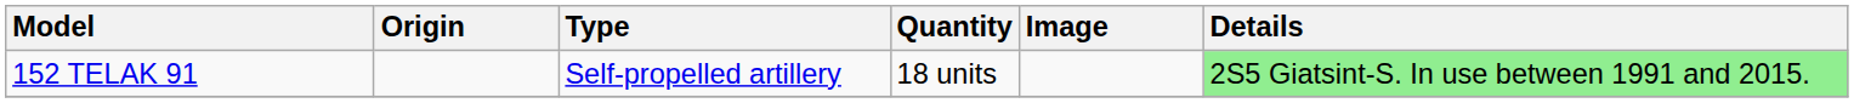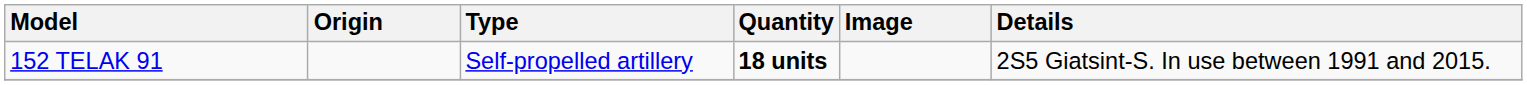 <table class="wikitable">
 <tr>
 <th style="text-align: left; width:20%;">Model</th>
 <th style="text-align: left; width:10%;">Origin</th>
 <th style="text-align: left; width:18%;">Type</th>
 <th style="text-align: left; width:7%;">Quantity</th>
 <th style="text-align: left; width:10%;">Image</th>
 <th style="text-align: left; width:35%;">Details</th>
 </tr>
 <tr>
 <td><a href='#'>152 TELAK 91</a></td>
 <td></td>
 <td><a href='#'>Self-propelled artillery</a></td>
-<td>18 units</td>
+<td><strong>18 units</strong></td>
 <td></td>
-<td style="background: lightgreen;">2S5 Giatsint-S. In use between 1991 and 2015.</td>
+<td>2S5 Giatsint-S. In use between 1991 and 2015.</td>
 </tr>
 <tr>
 </tr>
 </table>
